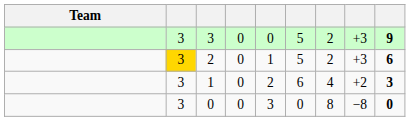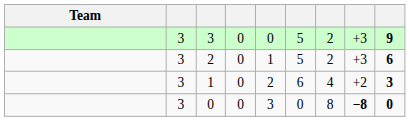 <table class="wikitable" style="text-align: center; font-size: 90%;">
 <tr>
 <th width=165>Team</th>
 <th width=25></th>
 <th width=25></th>
 <th width=25></th>
 <th width=25></th>
 <th width=25></th>
 <th width=25></th>
 <th width=25></th>
 <th width=25></th>
 </tr>
 <tr style="background:#cfc;">
 <td align="left"></td>
 <td>3</td>
 <td>3</td>
 <td>0</td>
 <td>0</td>
 <td>5</td>
 <td>2</td>
 <td>+3</td>
 <td><strong>9</strong></td>
 </tr>
 <tr>
 <td align="left"></td>
-<td style="background: gold;">3</td>
+<td>3</td>
 <td>2</td>
 <td>0</td>
 <td>1</td>
 <td>5</td>
 <td>2</td>
 <td>+3</td>
 <td><strong>6</strong></td>
 </tr>
 <tr>
 <td align="left"><em></em></td>
 <td>3</td>
 <td>1</td>
 <td>0</td>
 <td>2</td>
 <td>6</td>
 <td>4</td>
 <td>+2</td>
 <td><strong>3</strong></td>
 </tr>
 <tr>
 <td align="left"></td>
 <td>3</td>
 <td>0</td>
 <td>0</td>
 <td>3</td>
 <td>0</td>
 <td>8</td>
-<td>−8</td>
+<td><strong>−8</strong></td>
 <td><strong>0</strong></td>
 </tr>
 </table>
